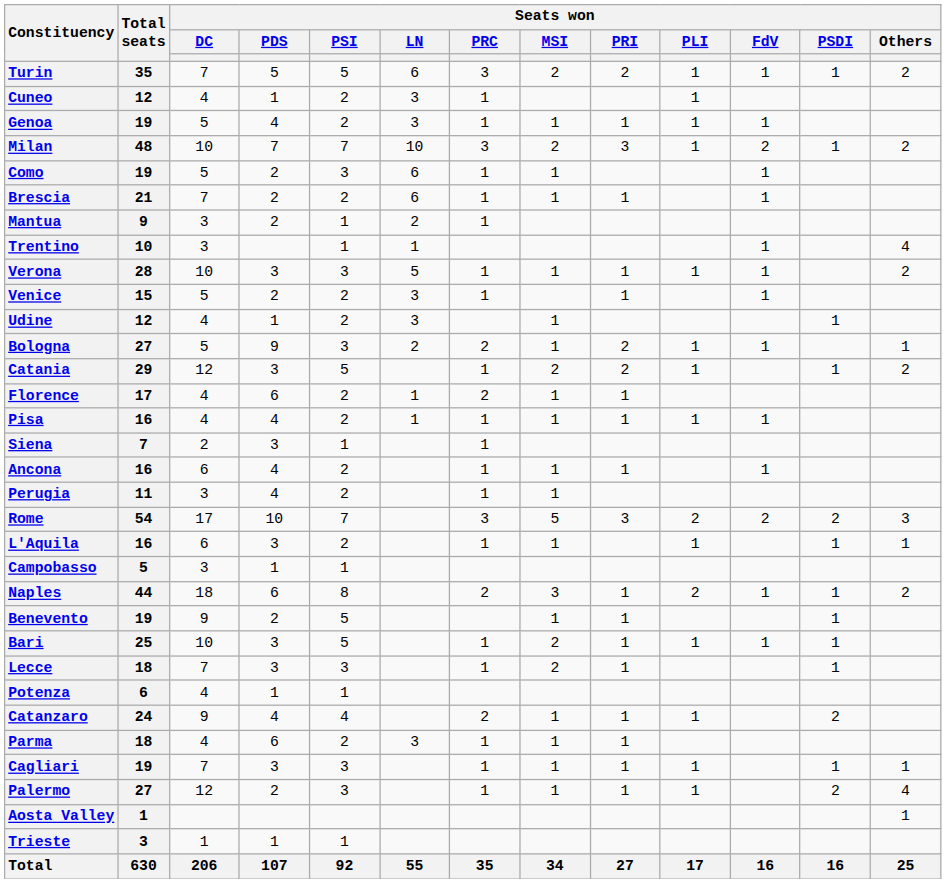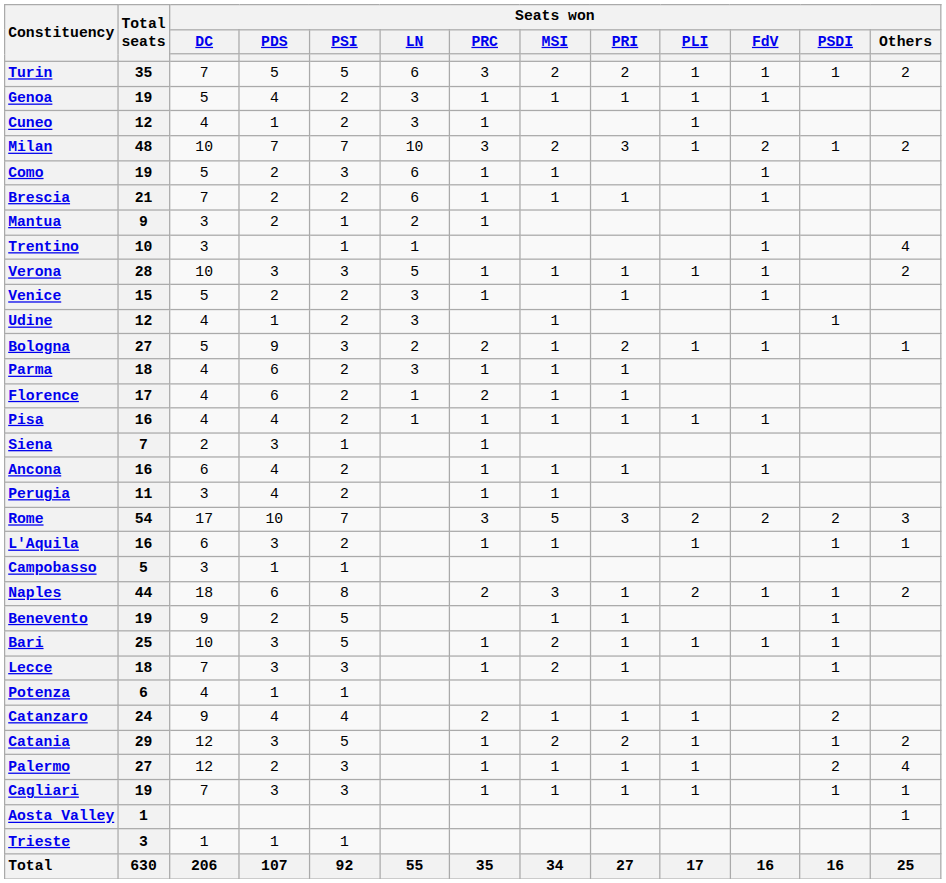 <table class="wikitable" style="text-align:center; font-size: 0.9em">
 <tr>
 <th rowspan="3">Constituency</th>
 <th rowspan="3">Total<br>seats</th>
 <th colspan="11">Seats won</th>
 </tr>
 <tr>
 <th class="unsortable" style="width:50px;"><a href='#'>DC</a></th>
 <th class="unsortable" style="width:50px;"><a href='#'>PDS</a></th>
 <th class="unsortable" style="width:50px;"><a href='#'>PSI</a></th>
 <th class="unsortable" style="width:50px;"><a href='#'>LN</a></th>
 <th class="unsortable" style="width:50px;"><a href='#'>PRC</a></th>
 <th class="unsortable" style="width:50px;"><a href='#'>MSI</a></th>
 <th class="unsortable" style="width:50px;"><a href='#'>PRI</a></th>
 <th class="unsortable" style="width:50px;"><a href='#'>PLI</a></th>
 <th class="unsortable" style="width:50px;"><a href='#'>FdV</a></th>
 <th class="unsortable" style="width:50px;"><a href='#'>PSDI</a></th>
 <th class="unsortable" style="width:50px;">Others</th>
 </tr>
 <tr>
 <th style="background:"></th>
 <th style="background:"></th>
 <th style="background:"></th>
 <th style="background:"></th>
 <th style="background:"></th>
 <th style="background:"></th>
 <th style="background:"></th>
 <th style="background:"></th>
 <th style="background:"></th>
 <th style="background:"></th>
 <th style="background:"></th>
 </tr>
 <tr>
 <th style="text-align: left;"><a href='#'>Turin</a></th>
 <th>35</th>
 <td>7</td>
 <td>5</td>
 <td>5</td>
 <td>6</td>
 <td>3</td>
 <td>2</td>
 <td>2</td>
 <td>1</td>
 <td>1</td>
 <td>1</td>
 <td>2</td>
 </tr>
 <tr>
+<th style="text-align: left;"><a href='#'>Genoa</a></th>
+<th>19</th>
+<td>5</td>
+<td>4</td>
+<td>2</td>
+<td>3</td>
+<td>1</td>
+<td>1</td>
+<td>1</td>
+<td>1</td>
+<td>1</td>
+<td></td>
+<td></td>
+</tr>
+<tr>
 <th style="text-align: left;"><a href='#'>Cuneo</a></th>
 <th>12</th>
 <td>4</td>
 <td>1</td>
 <td>2</td>
 <td>3</td>
 <td>1</td>
 <td></td>
 <td></td>
 <td>1</td>
 <td></td>
-<td></td>
-<td></td>
-</tr>
-<tr>
-<th style="text-align: left;"><a href='#'>Genoa</a></th>
-<th>19</th>
-<td>5</td>
-<td>4</td>
-<td>2</td>
-<td>3</td>
-<td>1</td>
-<td>1</td>
-<td>1</td>
-<td>1</td>
-<td>1</td>
 <td></td>
 <td></td>
 </tr>
 <tr>
 <th style="text-align: left;"><a href='#'>Milan</a></th>
 <th>48</th>
 <td>10</td>
 <td>7</td>
 <td>7</td>
 <td>10</td>
 <td>3</td>
 <td>2</td>
 <td>3</td>
 <td>1</td>
 <td>2</td>
 <td>1</td>
 <td>2</td>
 </tr>
 <tr>
 <th style="text-align: left;"><a href='#'>Como</a></th>
 <th>19</th>
 <td>5</td>
 <td>2</td>
 <td>3</td>
 <td>6</td>
 <td>1</td>
 <td>1</td>
 <td></td>
 <td></td>
 <td>1</td>
 <td></td>
 <td></td>
 </tr>
 <tr>
 <th style="text-align: left;"><a href='#'>Brescia</a></th>
 <th>21</th>
 <td>7</td>
 <td>2</td>
 <td>2</td>
 <td>6</td>
 <td>1</td>
 <td>1</td>
 <td>1</td>
 <td></td>
 <td>1</td>
 <td></td>
 <td></td>
 </tr>
 <tr>
 <th style="text-align: left;"><a href='#'>Mantua</a></th>
 <th>9</th>
 <td>3</td>
 <td>2</td>
 <td>1</td>
 <td>2</td>
 <td>1</td>
 <td></td>
 <td></td>
 <td></td>
 <td></td>
 <td></td>
 <td></td>
 </tr>
 <tr>
 <th style="text-align: left;"><a href='#'>Trentino</a></th>
 <th>10</th>
 <td>3</td>
 <td></td>
 <td>1</td>
 <td>1</td>
 <td></td>
 <td></td>
 <td></td>
 <td></td>
 <td>1</td>
 <td></td>
 <td>4</td>
 </tr>
 <tr>
 <th style="text-align: left;"><a href='#'>Verona</a></th>
 <th>28</th>
 <td>10</td>
 <td>3</td>
 <td>3</td>
 <td>5</td>
 <td>1</td>
 <td>1</td>
 <td>1</td>
 <td>1</td>
 <td>1</td>
 <td></td>
 <td>2</td>
 </tr>
 <tr>
 <th style="text-align: left;"><a href='#'>Venice</a></th>
 <th>15</th>
 <td>5</td>
 <td>2</td>
 <td>2</td>
 <td>3</td>
 <td>1</td>
 <td></td>
 <td>1</td>
 <td></td>
 <td>1</td>
 <td></td>
 <td></td>
 </tr>
 <tr>
 <th style="text-align: left;"><a href='#'>Udine</a></th>
 <th>12</th>
 <td>4</td>
 <td>1</td>
 <td>2</td>
 <td>3</td>
 <td></td>
 <td>1</td>
 <td></td>
 <td></td>
 <td></td>
 <td>1</td>
 <td></td>
 </tr>
 <tr>
 <th style="text-align: left;"><a href='#'>Bologna</a></th>
 <th>27</th>
 <td>5</td>
 <td>9</td>
 <td>3</td>
 <td>2</td>
 <td>2</td>
 <td>1</td>
 <td>2</td>
 <td>1</td>
 <td>1</td>
 <td></td>
 <td>1</td>
 </tr>
 <tr>
-<th style="text-align: left;"><a href='#'>Catania</a></th>
-<th>29</th>
-<td>12</td>
+<th style="text-align: left;"><a href='#'>Parma</a></th>
+<th>18</th>
+<td>4</td>
+<td>6</td>
+<td>2</td>
 <td>3</td>
-<td>5</td>
-<td></td>
 <td>1</td>
-<td>2</td>
-<td>2</td>
+<td>1</td>
 <td>1</td>
 <td></td>
-<td>1</td>
-<td>2</td>
+<td></td>
+<td></td>
+<td></td>
 </tr>
 <tr>
 <th style="text-align: left;"><a href='#'>Florence</a></th>
 <th>17</th>
 <td>4</td>
 <td>6</td>
 <td>2</td>
 <td>1</td>
 <td>2</td>
 <td>1</td>
 <td>1</td>
 <td></td>
 <td></td>
 <td></td>
 <td></td>
 </tr>
 <tr>
 <th style="text-align: left;"><a href='#'>Pisa</a></th>
 <th>16</th>
 <td>4</td>
 <td>4</td>
 <td>2</td>
 <td>1</td>
 <td>1</td>
 <td>1</td>
 <td>1</td>
 <td>1</td>
 <td>1</td>
 <td></td>
 <td></td>
 </tr>
 <tr>
 <th style="text-align: left;"><a href='#'>Siena</a></th>
 <th>7</th>
 <td>2</td>
 <td>3</td>
 <td>1</td>
 <td></td>
 <td>1</td>
 <td></td>
 <td></td>
 <td></td>
 <td></td>
 <td></td>
 <td></td>
 </tr>
 <tr>
 <th style="text-align: left;"><a href='#'>Ancona</a></th>
 <th>16</th>
 <td>6</td>
 <td>4</td>
 <td>2</td>
 <td></td>
 <td>1</td>
 <td>1</td>
 <td>1</td>
 <td></td>
 <td>1</td>
 <td></td>
 <td></td>
 </tr>
 <tr>
 <th style="text-align: left;"><a href='#'>Perugia</a></th>
 <th>11</th>
 <td>3</td>
 <td>4</td>
 <td>2</td>
 <td></td>
 <td>1</td>
 <td>1</td>
 <td></td>
 <td></td>
 <td></td>
 <td></td>
 <td></td>
 </tr>
 <tr>
 <th style="text-align: left;"><a href='#'>Rome</a></th>
 <th>54</th>
 <td>17</td>
 <td>10</td>
 <td>7</td>
 <td></td>
 <td>3</td>
 <td>5</td>
 <td>3</td>
 <td>2</td>
 <td>2</td>
 <td>2</td>
 <td>3</td>
 </tr>
 <tr>
 <th style="text-align: left;"><a href='#'>L'Aquila</a></th>
 <th>16</th>
 <td>6</td>
 <td>3</td>
 <td>2</td>
 <td></td>
 <td>1</td>
 <td>1</td>
 <td></td>
 <td>1</td>
 <td></td>
 <td>1</td>
 <td>1</td>
 </tr>
 <tr>
 <th style="text-align: left;"><a href='#'>Campobasso</a></th>
 <th>5</th>
 <td>3</td>
 <td>1</td>
 <td>1</td>
 <td></td>
 <td></td>
 <td></td>
 <td></td>
 <td></td>
 <td></td>
 <td></td>
 <td></td>
 </tr>
 <tr>
 <th style="text-align: left;"><a href='#'>Naples</a></th>
 <th>44</th>
 <td>18</td>
 <td>6</td>
 <td>8</td>
 <td></td>
 <td>2</td>
 <td>3</td>
 <td>1</td>
 <td>2</td>
 <td>1</td>
 <td>1</td>
 <td>2</td>
 </tr>
 <tr>
 <th style="text-align: left;"><a href='#'>Benevento</a></th>
 <th>19</th>
 <td>9</td>
 <td>2</td>
 <td>5</td>
 <td></td>
 <td></td>
 <td>1</td>
 <td>1</td>
 <td></td>
 <td></td>
 <td>1</td>
 <td></td>
 </tr>
 <tr>
 <th style="text-align: left;"><a href='#'>Bari</a></th>
 <th>25</th>
 <td>10</td>
 <td>3</td>
 <td>5</td>
 <td></td>
 <td>1</td>
 <td>2</td>
 <td>1</td>
 <td>1</td>
 <td>1</td>
 <td>1</td>
 <td></td>
 </tr>
 <tr>
 <th style="text-align: left;"><a href='#'>Lecce</a></th>
 <th>18</th>
 <td>7</td>
 <td>3</td>
 <td>3</td>
 <td></td>
 <td>1</td>
 <td>2</td>
 <td>1</td>
 <td></td>
 <td></td>
 <td>1</td>
 <td></td>
 </tr>
 <tr>
 <th style="text-align: left;"><a href='#'>Potenza</a></th>
 <th>6</th>
 <td>4</td>
 <td>1</td>
 <td>1</td>
 <td></td>
 <td></td>
 <td></td>
 <td></td>
 <td></td>
 <td></td>
 <td></td>
 <td></td>
 </tr>
 <tr>
 <th style="text-align: left;"><a href='#'>Catanzaro</a></th>
 <th>24</th>
 <td>9</td>
 <td>4</td>
 <td>4</td>
 <td></td>
 <td>2</td>
 <td>1</td>
 <td>1</td>
 <td>1</td>
 <td></td>
 <td>2</td>
 <td></td>
 </tr>
 <tr>
-<th style="text-align: left;"><a href='#'>Parma</a></th>
-<th>18</th>
-<td>4</td>
-<td>6</td>
+<th style="text-align: left;"><a href='#'>Catania</a></th>
+<th>29</th>
+<td>12</td>
+<td>3</td>
+<td>5</td>
+<td></td>
+<td>1</td>
+<td>2</td>
+<td>2</td>
+<td>1</td>
+<td></td>
+<td>1</td>
+<td>2</td>
+</tr>
+<tr>
+<th style="text-align: left;"><a href='#'>Palermo</a></th>
+<th>27</th>
+<td>12</td>
 <td>2</td>
 <td>3</td>
+<td></td>
+<td>1</td>
 <td>1</td>
 <td>1</td>
 <td>1</td>
 <td></td>
-<td></td>
-<td></td>
-<td></td>
+<td>2</td>
+<td>4</td>
 </tr>
 <tr>
 <th style="text-align: left;"><a href='#'>Cagliari</a></th>
 <th>19</th>
 <td>7</td>
 <td>3</td>
 <td>3</td>
 <td></td>
 <td>1</td>
 <td>1</td>
 <td>1</td>
 <td>1</td>
 <td></td>
 <td>1</td>
 <td>1</td>
-</tr>
-<tr>
-<th style="text-align: left;"><a href='#'>Palermo</a></th>
-<th>27</th>
-<td>12</td>
-<td>2</td>
-<td>3</td>
-<td></td>
-<td>1</td>
-<td>1</td>
-<td>1</td>
-<td>1</td>
-<td></td>
-<td>2</td>
-<td>4</td>
 </tr>
 <tr>
 <th style="text-align: left;"><a href='#'>Aosta Valley</a></th>
 <th>1</th>
 <td></td>
 <td></td>
 <td></td>
 <td></td>
 <td></td>
 <td></td>
 <td></td>
 <td></td>
 <td></td>
 <td></td>
 <td>1</td>
 </tr>
 <tr>
 <th style="text-align: left;"><a href='#'>Trieste</a></th>
 <th>3</th>
 <td>1</td>
 <td>1</td>
 <td>1</td>
 <td></td>
 <td></td>
 <td></td>
 <td></td>
 <td></td>
 <td></td>
 <td></td>
 <td></td>
 </tr>
 <tr>
 <th style="text-align: left;">Total</th>
 <th>630</th>
 <th>206</th>
 <th>107</th>
 <th>92</th>
 <th>55</th>
 <th>35</th>
 <th>34</th>
 <th>27</th>
 <th>17</th>
 <th>16</th>
 <th>16</th>
 <th>25</th>
 </tr>
 </table>
